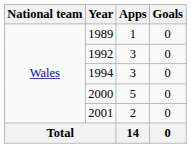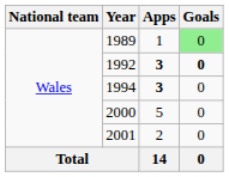 <table class="wikitable" style="text-align: center;">
 <tr>
 <th>National team</th>
 <th>Year</th>
 <th>Apps</th>
 <th>Goals</th>
 </tr>
 <tr>
 <td rowspan="5"><a href='#'>Wales</a></td>
 <td>1989</td>
 <td>1</td>
-<td>0</td>
+<td style="background: lightgreen;">0</td>
 </tr>
 <tr>
 <td>1992</td>
-<td>3</td>
-<td>0</td>
+<td><strong>3</strong></td>
+<td><strong>0</strong></td>
 </tr>
 <tr>
 <td>1994</td>
-<td>3</td>
+<td><strong>3</strong></td>
 <td>0</td>
 </tr>
 <tr>
 <td>2000</td>
 <td>5</td>
 <td>0</td>
 </tr>
 <tr>
 <td>2001</td>
 <td>2</td>
 <td>0</td>
 </tr>
 <tr>
 <th colspan="2">Total</th>
 <th>14</th>
 <th>0</th>
 </tr>
 </table>
